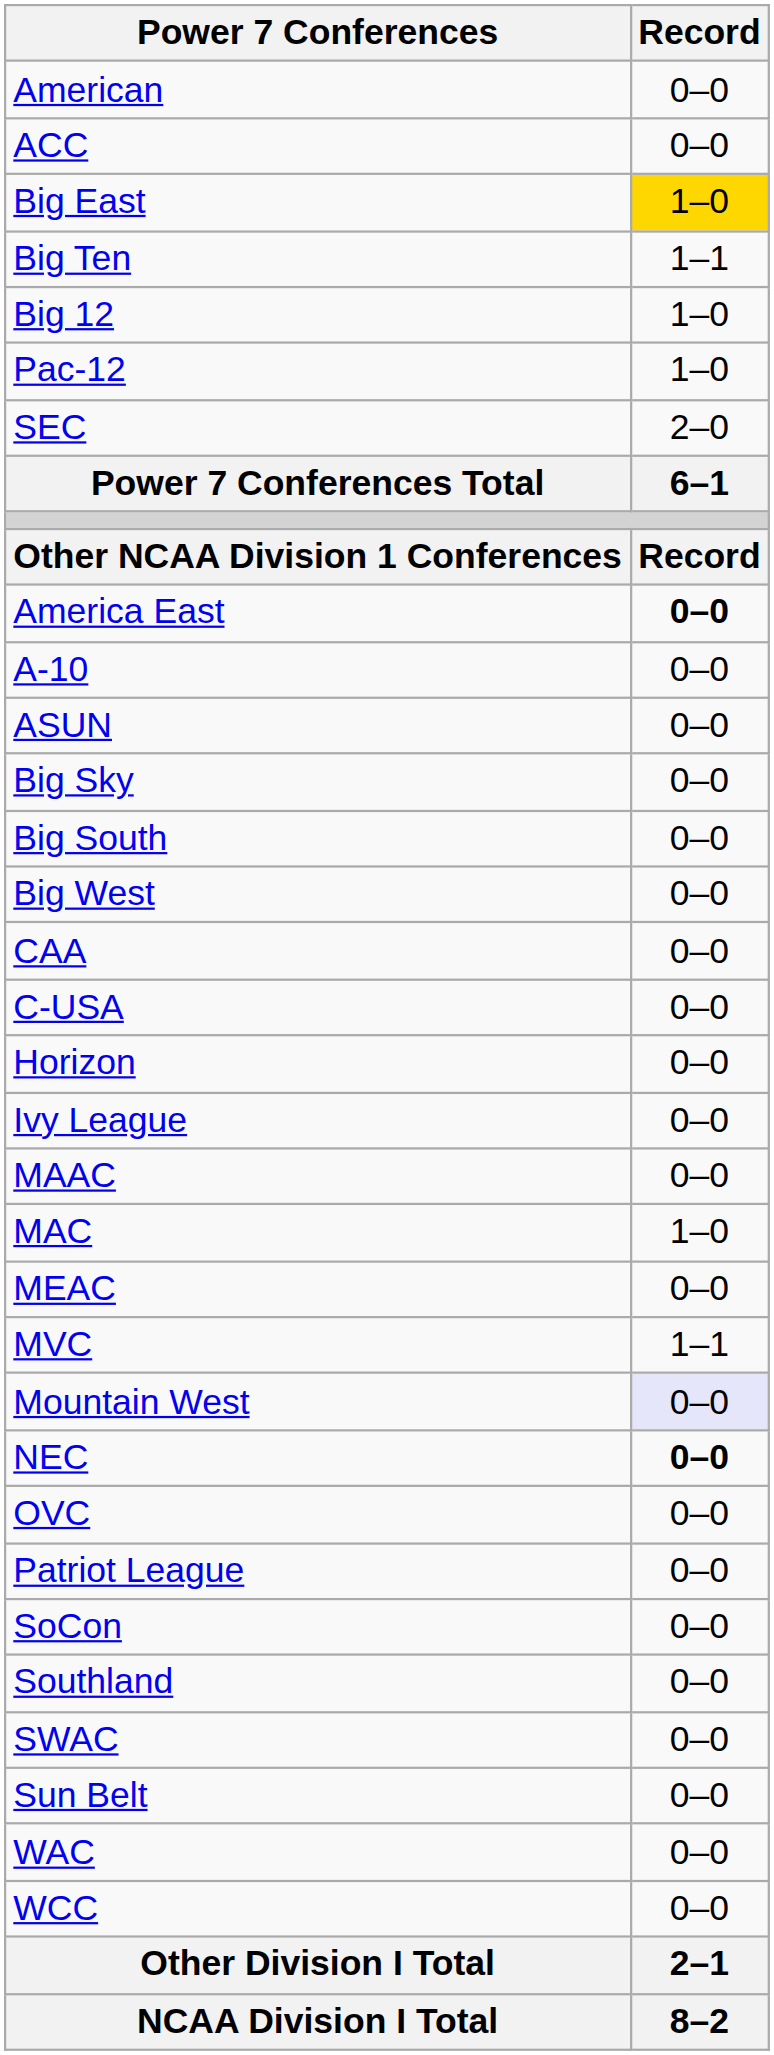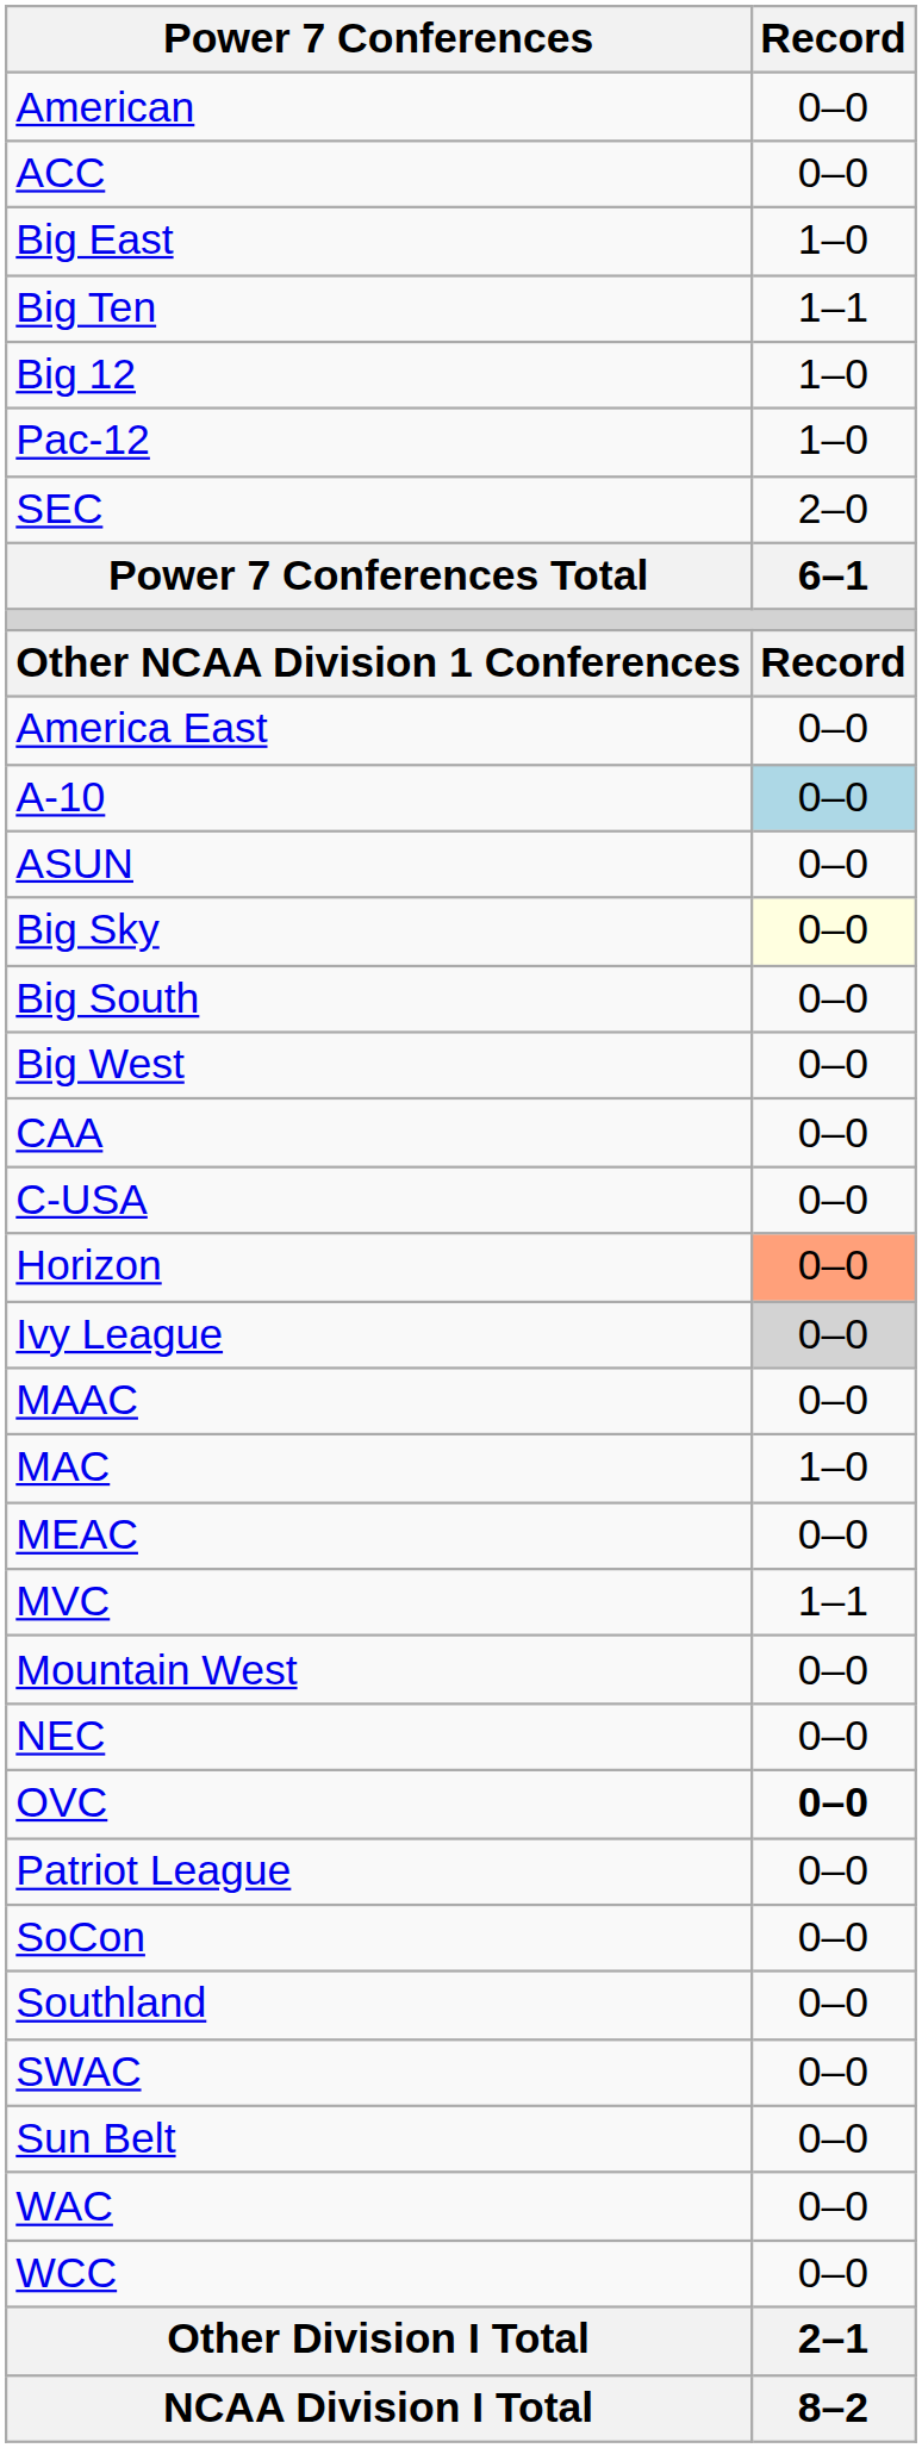 <table class="wikitable">
 <tr>
 <th>Power 7 Conferences</th>
 <th>Record</th>
 </tr>
 <tr>
 <td><a href='#'>American</a></td>
 <td align=center>0–0</td>
 </tr>
 <tr>
 <td><a href='#'>ACC</a></td>
 <td align=center>0–0</td>
 </tr>
 <tr>
 <td><a href='#'>Big East</a></td>
-<td align=center style="background: gold;">1–0</td>
+<td align=center>1–0</td>
 </tr>
 <tr>
 <td><a href='#'>Big Ten</a></td>
 <td align=center>1–1</td>
 </tr>
 <tr>
 <td><a href='#'>Big 12</a></td>
 <td align=center>1–0</td>
 </tr>
 <tr>
 <td><a href='#'>Pac-12</a></td>
 <td align=center>1–0</td>
 </tr>
 <tr>
 <td><a href='#'>SEC</a></td>
 <td align=center>2–0</td>
 </tr>
 <tr>
 <th>Power 7 Conferences Total</th>
 <th>6–1</th>
 </tr>
 <tr>
 <th colspan="2" style="background:lightgrey;"></th>
 </tr>
 <tr>
 <th>Other NCAA Division 1 Conferences</th>
 <th>Record</th>
 </tr>
 <tr>
 <td><a href='#'>America East</a></td>
-<td align=center><strong>0–0</strong></td>
+<td align=center>0–0</td>
 </tr>
 <tr>
 <td><a href='#'>A-10</a></td>
-<td align=center>0–0</td>
+<td align=center style="background: lightblue;">0–0</td>
 </tr>
 <tr>
 <td><a href='#'>ASUN</a></td>
 <td align=center>0–0</td>
 </tr>
 <tr>
 <td><a href='#'>Big Sky</a></td>
-<td align=center>0–0</td>
+<td align=center style="background: lightyellow;">0–0</td>
 </tr>
 <tr>
 <td><a href='#'>Big South</a></td>
 <td align=center>0–0</td>
 </tr>
 <tr>
 <td><a href='#'>Big West</a></td>
 <td align=center>0–0</td>
 </tr>
 <tr>
 <td><a href='#'>CAA</a></td>
 <td align=center>0–0</td>
 </tr>
 <tr>
 <td><a href='#'>C-USA</a></td>
 <td align=center>0–0</td>
 </tr>
 <tr>
 <td><a href='#'>Horizon</a></td>
-<td align=center>0–0</td>
+<td align=center style="background: lightsalmon;">0–0</td>
 </tr>
 <tr>
 <td><a href='#'>Ivy League</a></td>
-<td align=center>0–0</td>
+<td align=center style="background: lightgrey;">0–0</td>
 </tr>
 <tr>
 <td><a href='#'>MAAC</a></td>
 <td align=center>0–0</td>
 </tr>
 <tr>
 <td><a href='#'>MAC</a></td>
 <td align=center>1–0</td>
 </tr>
 <tr>
 <td><a href='#'>MEAC</a></td>
 <td align=center>0–0</td>
 </tr>
 <tr>
 <td><a href='#'>MVC</a></td>
 <td align=center>1–1</td>
 </tr>
 <tr>
 <td><a href='#'>Mountain West</a></td>
-<td align=center style="background: lavender;">0–0</td>
+<td align=center>0–0</td>
 </tr>
 <tr>
 <td><a href='#'>NEC</a></td>
-<td align=center><strong>0–0</strong></td>
+<td align=center>0–0</td>
 </tr>
 <tr>
 <td><a href='#'>OVC</a></td>
-<td align=center>0–0</td>
+<td align=center><strong>0–0</strong></td>
 </tr>
 <tr>
 <td><a href='#'>Patriot League</a></td>
 <td align=center>0–0</td>
 </tr>
 <tr>
 <td><a href='#'>SoCon</a></td>
 <td align=center>0–0</td>
 </tr>
 <tr>
 <td><a href='#'>Southland</a></td>
 <td align=center>0–0</td>
 </tr>
 <tr>
 <td><a href='#'>SWAC</a></td>
 <td align=center>0–0</td>
 </tr>
 <tr>
 <td><a href='#'>Sun Belt</a></td>
 <td align=center>0–0</td>
 </tr>
 <tr>
 <td><a href='#'>WAC</a></td>
 <td align=center>0–0</td>
 </tr>
 <tr>
 <td><a href='#'>WCC</a></td>
 <td align=center>0–0</td>
 </tr>
 <tr>
 <th>Other Division I Total</th>
 <th>2–1</th>
 </tr>
 <tr>
 <th>NCAA Division I Total</th>
 <th>8–2</th>
 </tr>
 </table>
